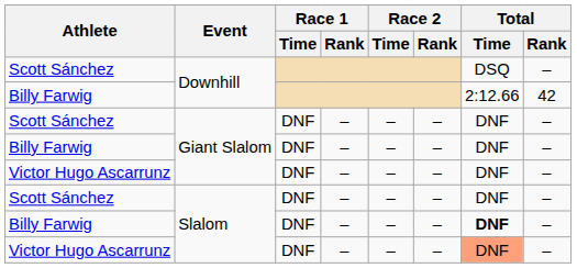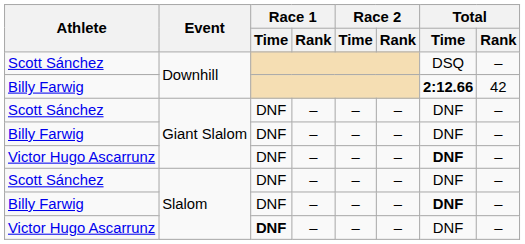 <table class="wikitable" style="font-size:90%">
 <tr>
 <th rowspan="2">Athlete</th>
 <th rowspan="2">Event</th>
 <th colspan="2">Race 1</th>
 <th colspan="2">Race 2</th>
 <th colspan="2">Total</th>
 </tr>
 <tr>
 <th>Time</th>
 <th>Rank</th>
 <th>Time</th>
 <th>Rank</th>
 <th>Time</th>
 <th>Rank</th>
 </tr>
 <tr>
 <td><a href='#'>Scott Sánchez</a></td>
 <td rowspan="2">Downhill</td>
 <td colspan="4" bgcolor="wheat"></td>
 <td align="center">DSQ</td>
 <td align="center">–</td>
 </tr>
 <tr>
 <td><a href='#'>Billy Farwig</a></td>
 <td colspan="4" bgcolor="wheat"></td>
-<td align="center">2:12.66</td>
+<td align="center"><strong>2:12.66</strong></td>
 <td align="center">42</td>
 </tr>
 <tr>
 <td><a href='#'>Scott Sánchez</a></td>
 <td rowspan="3">Giant Slalom</td>
 <td align="center">DNF</td>
 <td align="center">–</td>
 <td align="center">–</td>
 <td align="center">–</td>
 <td align="center">DNF</td>
 <td align="center">–</td>
 </tr>
 <tr>
 <td><a href='#'>Billy Farwig</a></td>
 <td align="center">DNF</td>
 <td align="center">–</td>
 <td align="center">–</td>
 <td align="center">–</td>
 <td align="center">DNF</td>
 <td align="center">–</td>
 </tr>
 <tr>
 <td><a href='#'>Victor Hugo Ascarrunz</a></td>
 <td align="center">DNF</td>
 <td align="center">–</td>
 <td align="center">–</td>
 <td align="center">–</td>
-<td align="center">DNF</td>
+<td align="center"><strong>DNF</strong></td>
 <td align="center">–</td>
 </tr>
 <tr>
 <td><a href='#'>Scott Sánchez</a></td>
 <td rowspan="3">Slalom</td>
 <td align="center">DNF</td>
 <td align="center">–</td>
 <td align="center">–</td>
 <td align="center">–</td>
 <td align="center">DNF</td>
 <td align="center">–</td>
 </tr>
 <tr>
 <td><a href='#'>Billy Farwig</a></td>
 <td align="center">DNF</td>
 <td align="center">–</td>
 <td align="center">–</td>
 <td align="center">–</td>
 <td align="center"><strong>DNF</strong></td>
 <td align="center">–</td>
 </tr>
 <tr>
 <td><a href='#'>Victor Hugo Ascarrunz</a></td>
-<td align="center">DNF</td>
+<td align="center"><strong>DNF</strong></td>
 <td align="center">–</td>
 <td align="center">–</td>
 <td align="center">–</td>
-<td align="center" style="background: lightsalmon;">DNF</td>
+<td align="center">DNF</td>
 <td align="center">–</td>
 </tr>
 </table>
